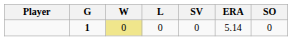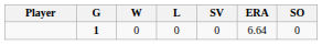 <table class="wikitable sortable">
 <tr>
 <th bgcolor="#DDDDFF" width="16%">Player</th>
 <th bgcolor="#DDDDFF" width="9%">G</th>
 <th bgcolor="#DDDDFF" width="9%">W</th>
 <th bgcolor="#DDDDFF" width="9%">L</th>
 <th bgcolor="#DDDDFF" width="9%">SV</th>
 <th bgcolor="#DDDDFF" width="9%">ERA</th>
 <th bgcolor="#DDDDFF" width="9%">SO</th>
 </tr>
 <tr align="center">
 <td></td>
 <td><strong>1</strong></td>
-<td style="background: khaki;">0</td>
 <td>0</td>
 <td>0</td>
-<td>5.14</td>
+<td>0</td>
+<td>6.64</td>
 <td>0</td>
 </tr>
 </table>
